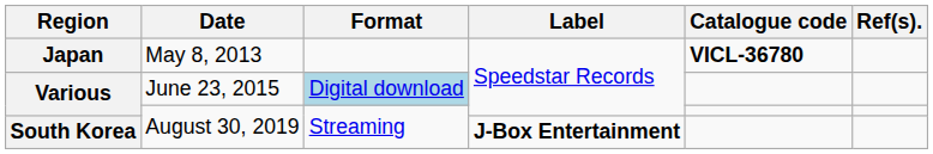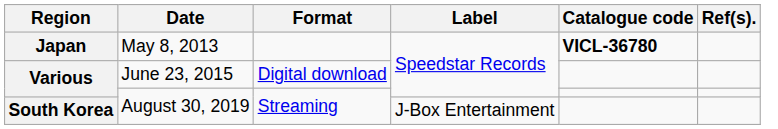 <table class="wikitable unsortable plainrowheaders">
 <tr>
 <th scope="col">Region</th>
 <th scope="col">Date</th>
 <th scope="col">Format</th>
 <th scope="col">Label</th>
 <th scope="col">Catalogue code</th>
 <th scope="col">Ref(s).</th>
 </tr>
 <tr>
 <th scope="row">Japan</th>
 <td>May 8, 2013</td>
 <td></td>
 <td rowspan="3"><a href='#'>Speedstar Records</a></td>
 <td><strong>VICL-36780</strong></td>
 <td style="text-align:center;"></td>
 </tr>
 <tr>
 <th scope="row" rowspan="2">Various</th>
 <td>June 23, 2015</td>
-<td style="background: lightblue;"><a href='#'>Digital download</a></td>
+<td><a href='#'>Digital download</a></td>
 <td></td>
 <td style="text-align:center;"></td>
 </tr>
 <tr>
 <td rowspan="2">August 30, 2019</td>
 <td rowspan="2"><a href='#'>Streaming</a></td>
 <td></td>
 <td style="text-align:center;"></td>
 </tr>
 <tr>
 <th scope="row">South Korea</th>
-<td><strong>J-Box Entertainment</strong></td>
+<td>J-Box Entertainment</td>
 <td></td>
 <td style="text-align:center;"></td>
 </tr>
 </table>
